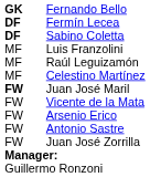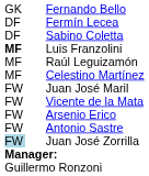 <table style="font-size:90%; margin:0.2em auto;" cellspacing="0" cellpadding="0">
 <tr>
 <th width="25"></th>
 <th width="25"></th>
 </tr>
 <tr>
-<td><strong>GK</strong></td>
+<td>GK</td>
 <td></td>
 <td> <a href='#'>Fernando Bello</a></td>
 </tr>
 <tr>
-<td><strong>DF</strong></td>
+<td>DF</td>
 <td></td>
 <td> <a href='#'>Fermín Lecea</a></td>
 </tr>
 <tr>
-<td><strong>DF</strong></td>
+<td>DF</td>
 <td></td>
 <td> <a href='#'>Sabino Coletta</a></td>
 </tr>
 <tr>
-<td>MF</td>
+<td><strong>MF</strong></td>
 <td></td>
 <td> Luis Franzolini</td>
 </tr>
 <tr>
 <td>MF</td>
 <td></td>
 <td> Raúl Leguizamón</td>
 </tr>
 <tr>
 <td>MF</td>
 <td></td>
 <td> <a href='#'>Celestino Martínez</a></td>
 </tr>
 <tr>
-<td><strong>FW</strong></td>
+<td>FW</td>
 <td></td>
 <td> Juan José Maril</td>
 </tr>
 <tr>
 <td>FW</td>
 <td></td>
 <td> <a href='#'>Vicente de la Mata</a></td>
 </tr>
 <tr>
 <td>FW</td>
 <td></td>
 <td> <a href='#'>Arsenio Erico</a></td>
 </tr>
 <tr>
 <td>FW</td>
 <td></td>
 <td> <a href='#'>Antonio Sastre</a></td>
 </tr>
 <tr>
-<td>FW</td>
+<td style="background: lightblue;">FW</td>
 <td></td>
 <td> Juan José Zorrilla</td>
 </tr>
 <tr>
 <td colspan=3><strong>Manager:</strong></td>
 </tr>
 <tr>
 <td colspan=4> Guillermo Ronzoni</td>
 </tr>
 </table>
